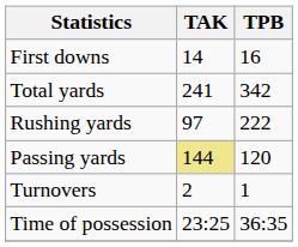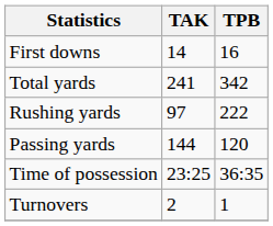 <table class="wikitable" style="float: left;">
 <tr>
 <th>Statistics</th>
 <th>TAK</th>
 <th>TPB</th>
 </tr>
 <tr>
 <td>First downs</td>
 <td>14</td>
 <td>16</td>
 </tr>
 <tr>
 <td>Total yards</td>
 <td>241</td>
 <td>342</td>
 </tr>
 <tr>
 <td>Rushing yards</td>
 <td>97</td>
 <td>222</td>
 </tr>
 <tr>
 <td>Passing yards</td>
-<td style="background: khaki;">144</td>
+<td>144</td>
 <td>120</td>
+</tr>
+<tr>
+<td>Time of possession</td>
+<td>23:25</td>
+<td>36:35</td>
 </tr>
 <tr>
 <td>Turnovers</td>
 <td>2</td>
 <td>1</td>
 </tr>
 <tr>
-<td>Time of possession</td>
-<td>23:25</td>
-<td>36:35</td>
-</tr>
-<tr>
 </tr>
 </table>
